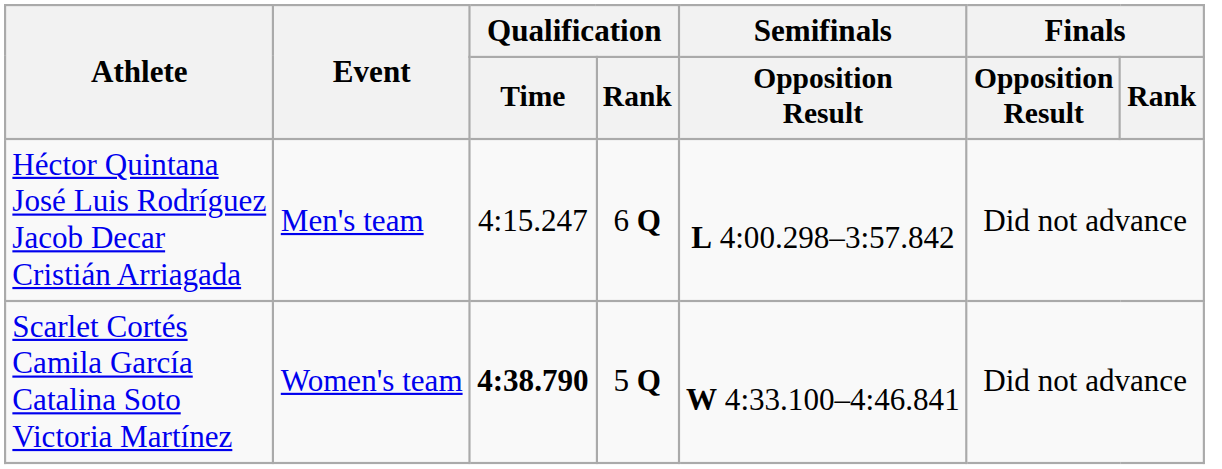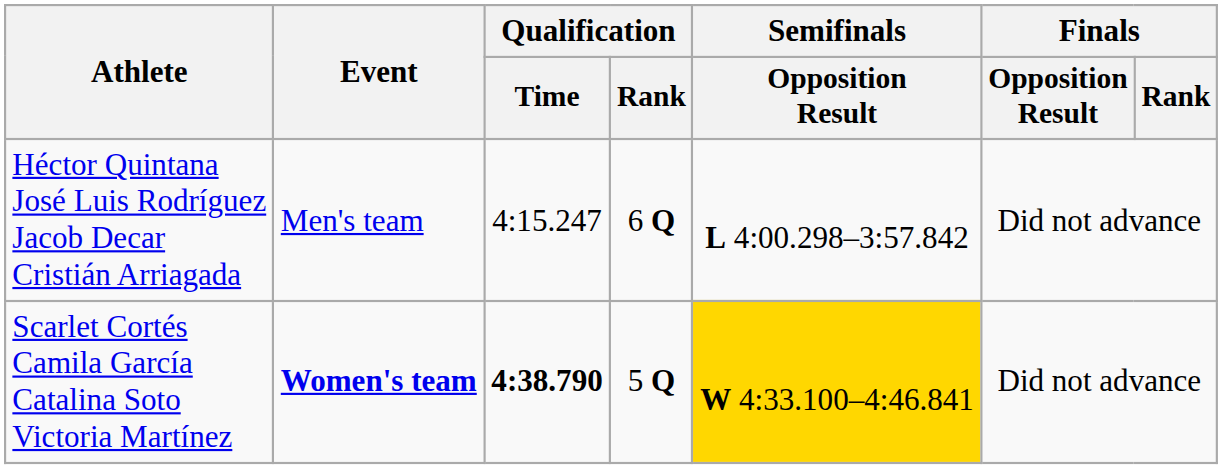 <table class=wikitable style="font-size:90%;">
 <tr>
 <th rowspan=2>Athlete</th>
 <th rowspan=2>Event</th>
 <th colspan=2>Qualification</th>
 <th>Semifinals</th>
 <th colspan=2>Finals</th>
 </tr>
 <tr style="font-size:95%">
 <th>Time</th>
 <th>Rank</th>
 <th>Opposition<br>Result</th>
 <th>Opposition<br>Result</th>
 <th>Rank</th>
 </tr>
 <tr style="text-align:center">
 <td style="text-align:left"><a href='#'>Héctor Quintana</a><br><a href='#'>José Luis Rodríguez</a><br><a href='#'>Jacob Decar</a><br><a href='#'>Cristián Arriagada</a></td>
 <td style="text-align:left"><a href='#'>Men's team</a></td>
 <td>4:15.247</td>
 <td>6 <strong>Q</strong></td>
 <td><br><strong>L</strong> 4:00.298–3:57.842</td>
 <td colspan="2">Did not advance</td>
 </tr>
 <tr style="text-align:center">
 <td style="text-align:left"><a href='#'>Scarlet Cortés</a><br><a href='#'>Camila García</a><br><a href='#'>Catalina Soto</a><br><a href='#'>Victoria Martínez</a></td>
-<td style="text-align:left"><a href='#'>Women's team</a></td>
+<td style="text-align:left"><strong><a href='#'>Women's team</a></strong></td>
 <td><strong>4:38.790</strong></td>
 <td>5 <strong>Q</strong></td>
-<td><br><strong>W</strong> 4:33.100–4:46.841</td>
+<td style="background: gold;"><br><strong>W</strong> 4:33.100–4:46.841</td>
 <td colspan="2">Did not advance</td>
 </tr>
 </table>
